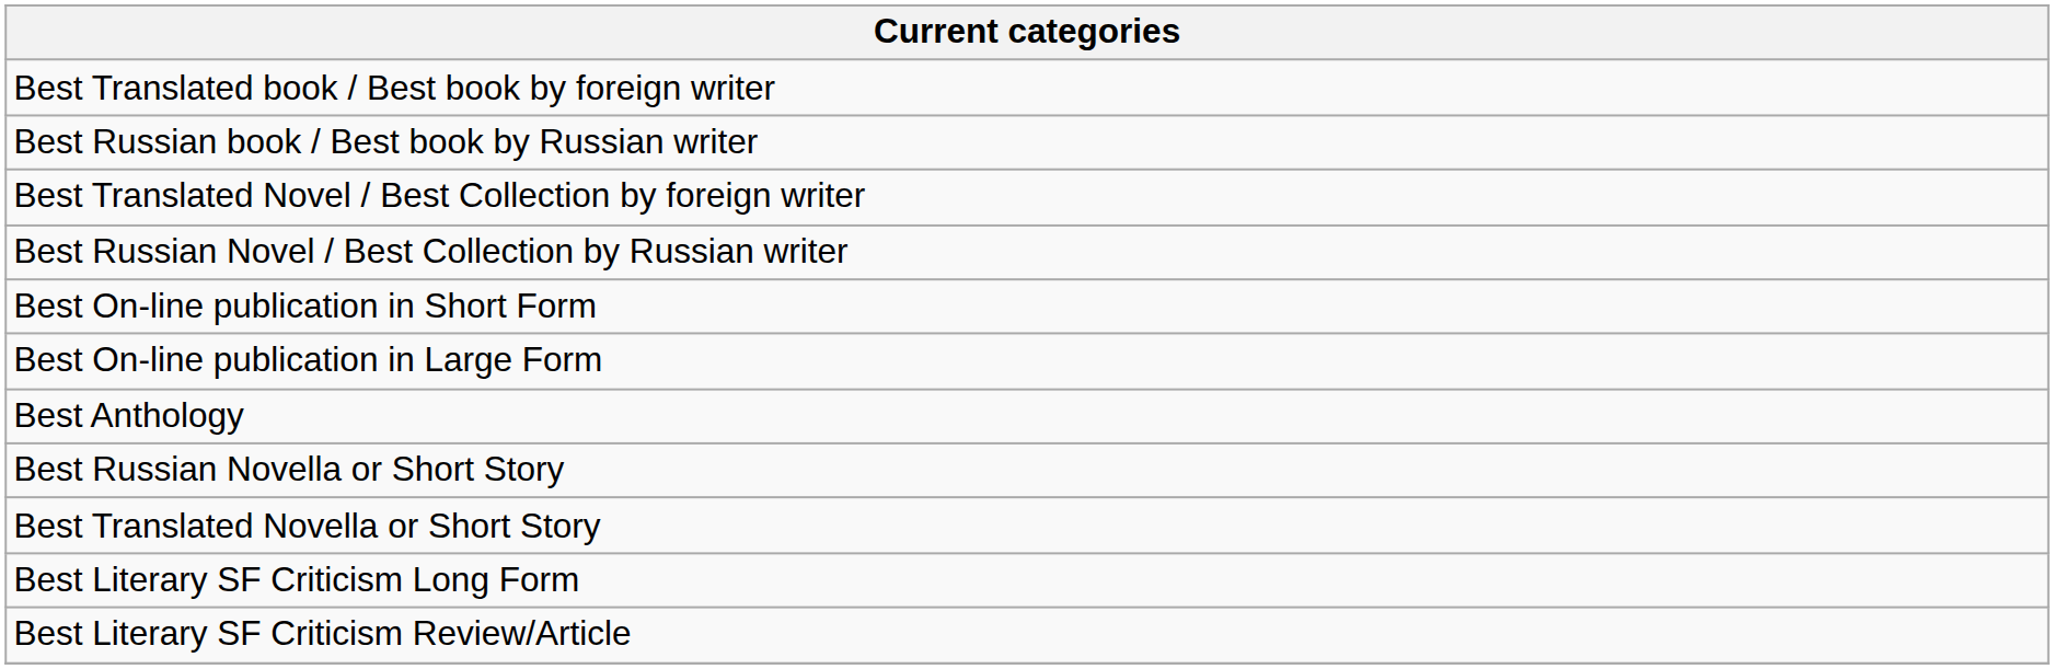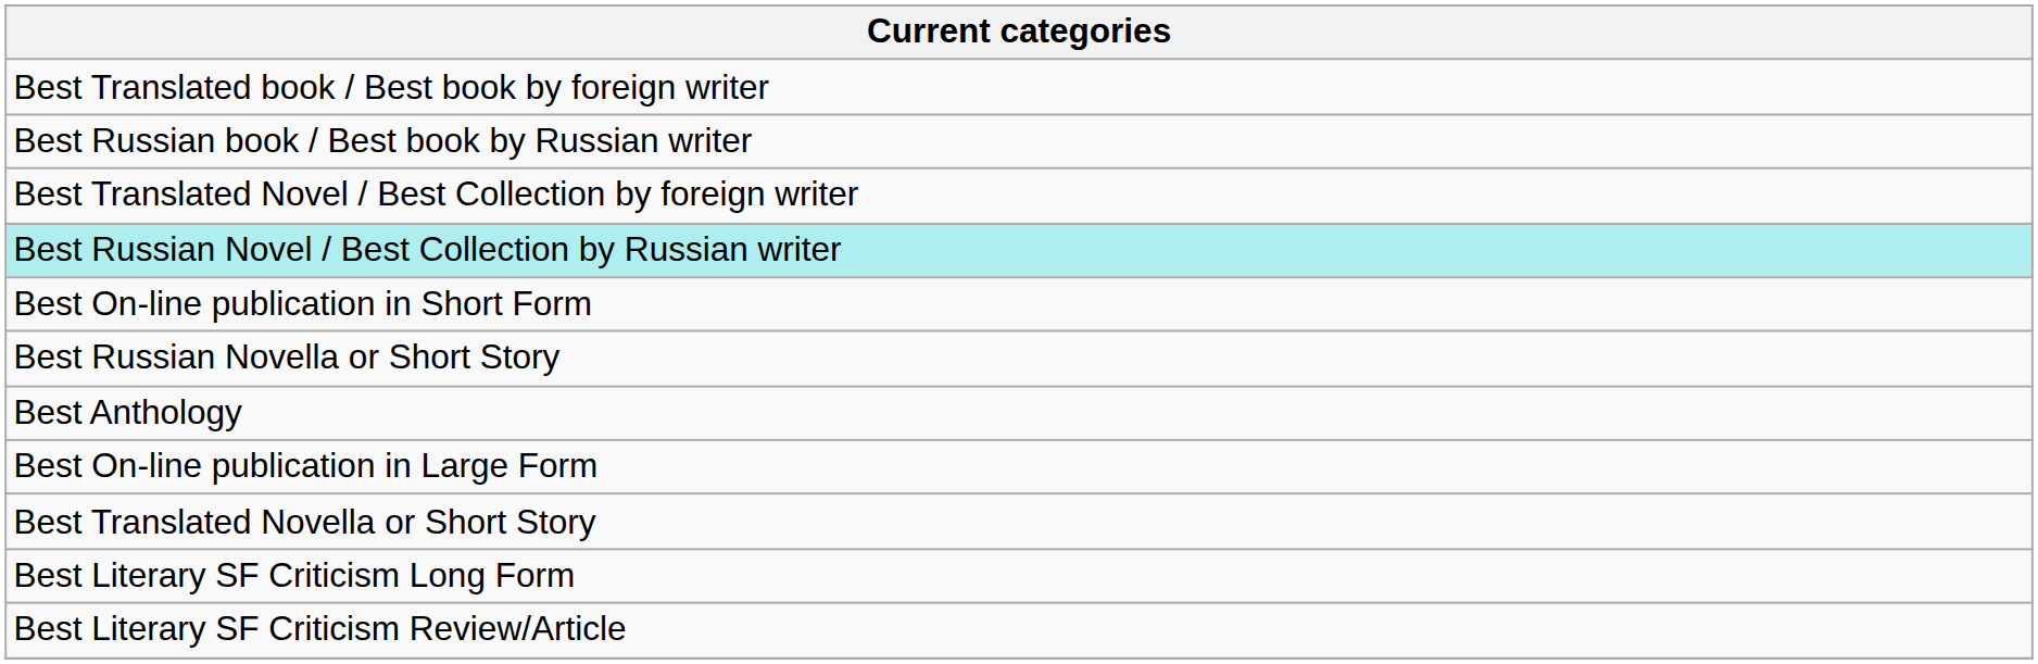 <table class="wikitable" width="75%" cellpadding="5" style="margin: 1em auto 1em auto">
 <tr>
 <th width="10%">Current categories</th>
 </tr>
 <tr>
 <td>Best Translated book / Best book by foreign writer</td>
 </tr>
 <tr>
 <td>Best Russian book / Best book by Russian writer</td>
 </tr>
 <tr>
 <td>Best Translated Novel / Best Collection by foreign writer</td>
 </tr>
 <tr>
-<td>Best Russian Novel / Best Collection by Russian writer</td>
+<td style="background: paleturquoise;">Best Russian Novel / Best Collection by Russian writer</td>
 </tr>
 <tr>
 <td>Best On-line publication in Short Form</td>
 </tr>
 <tr>
-<td>Best On-line publication in Large Form</td>
+<td>Best Russian Novella or Short Story</td>
 </tr>
 <tr>
 <td>Best Anthology</td>
 </tr>
 <tr>
-<td>Best Russian Novella or Short Story</td>
+<td>Best On-line publication in Large Form</td>
 </tr>
 <tr>
 <td>Best Translated Novella or Short Story</td>
 </tr>
 <tr>
 <td>Best Literary SF Criticism Long Form</td>
 </tr>
 <tr>
 <td>Best Literary SF Criticism Review/Article</td>
 </tr>
 <tr>
 </tr>
 </table>
